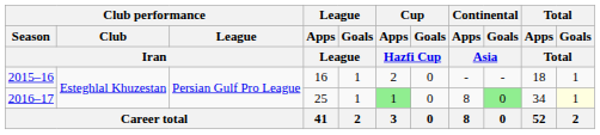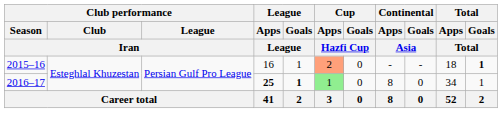 <table class="wikitable" style="text-align:center">
 <tr>
 <th colspan=3>Club performance</th>
 <th colspan=2>League</th>
 <th colspan=2>Cup</th>
 <th colspan=2>Continental</th>
 <th colspan=2>Total</th>
 </tr>
 <tr>
 <th>Season</th>
 <th>Club</th>
 <th>League</th>
 <th>Apps</th>
 <th>Goals</th>
 <th>Apps</th>
 <th>Goals</th>
 <th>Apps</th>
 <th>Goals</th>
 <th>Apps</th>
 <th>Goals</th>
 </tr>
 <tr>
 <th colspan=3>Iran</th>
 <th colspan=2>League</th>
 <th colspan=2><a href='#'>Hazfi Cup</a></th>
 <th colspan=2><a href='#'>Asia</a></th>
 <th colspan=2>Total</th>
 </tr>
 <tr>
 <td><a href='#'>2015–16</a></td>
 <td rowspan="2"><a href='#'>Esteghlal Khuzestan</a></td>
 <td rowspan="2"><a href='#'>Persian Gulf Pro League</a></td>
 <td>16</td>
 <td>1</td>
-<td>2</td>
+<td style="background: lightsalmon;">2</td>
 <td>0</td>
 <td>-</td>
 <td>-</td>
 <td>18</td>
-<td>1</td>
+<td><strong>1</strong></td>
 </tr>
 <tr>
 <td><a href='#'>2016–17</a></td>
-<td>25</td>
-<td>1</td>
+<td><strong>25</strong></td>
+<td><strong>1</strong></td>
 <td style="background: lightgreen;">1</td>
 <td>0</td>
 <td>8</td>
-<td style="background: lightgreen;">0</td>
+<td>0</td>
 <td>34</td>
-<td style="background: lightyellow;">1</td>
+<td>1</td>
 </tr>
 <tr>
 <th colspan=3>Career total</th>
 <th>41</th>
 <th>2</th>
 <th>3</th>
 <th>0</th>
 <th>8</th>
 <th>0</th>
 <th>52</th>
 <th>2</th>
 </tr>
 </table>
